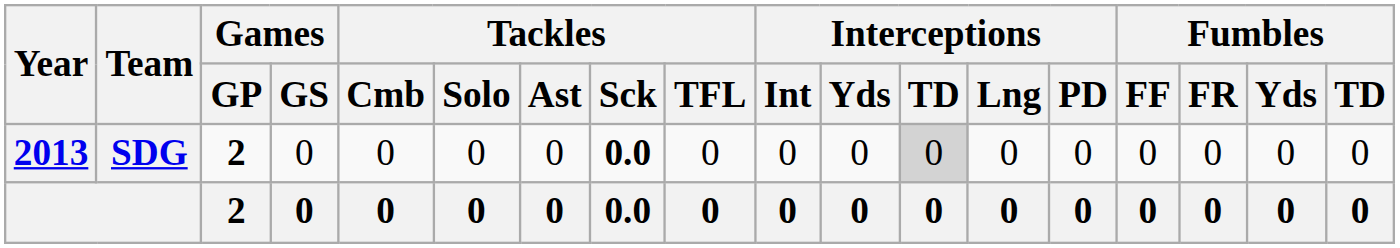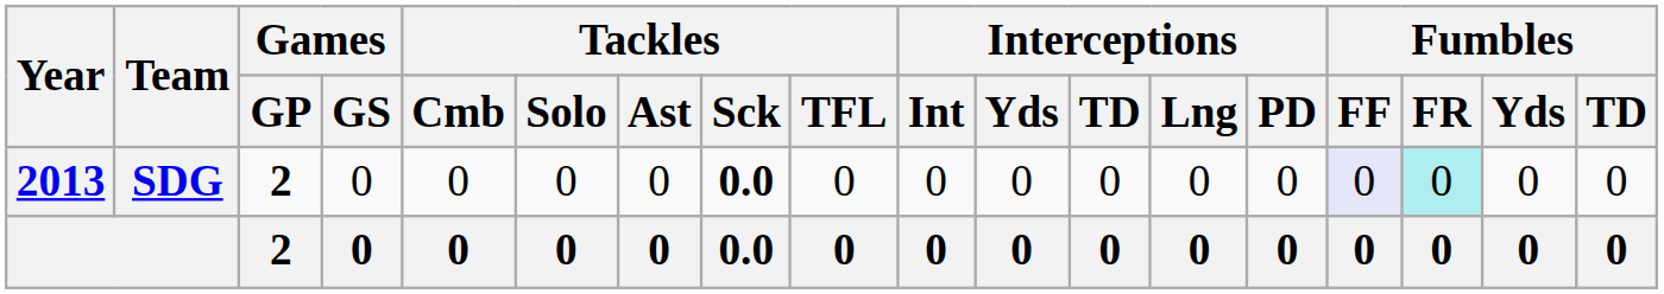 <table class="wikitable" style="text-align:center">
 <tr>
 <th rowspan="2">Year</th>
 <th rowspan="2">Team</th>
 <th colspan="2">Games</th>
 <th colspan="5">Tackles</th>
 <th colspan="5">Interceptions</th>
 <th colspan="4">Fumbles</th>
 </tr>
 <tr>
 <th>GP</th>
 <th>GS</th>
 <th>Cmb</th>
 <th>Solo</th>
 <th>Ast</th>
 <th>Sck</th>
 <th>TFL</th>
 <th>Int</th>
 <th>Yds</th>
 <th>TD</th>
 <th>Lng</th>
 <th>PD</th>
 <th>FF</th>
 <th>FR</th>
 <th>Yds</th>
 <th>TD</th>
 </tr>
 <tr>
 <th><a href='#'>2013</a></th>
 <th><a href='#'>SDG</a></th>
 <td><strong>2</strong></td>
 <td>0</td>
 <td>0</td>
 <td>0</td>
 <td>0</td>
 <td><strong>0.0</strong></td>
 <td>0</td>
 <td>0</td>
 <td>0</td>
-<td style="background: lightgrey;">0</td>
 <td>0</td>
 <td>0</td>
 <td>0</td>
-<td>0</td>
+<td style="background: lavender;">0</td>
+<td style="background: paleturquoise;">0</td>
 <td>0</td>
 <td>0</td>
 </tr>
 <tr>
 <th colspan="2"></th>
 <th>2</th>
 <th>0</th>
 <th>0</th>
 <th>0</th>
 <th>0</th>
 <th>0.0</th>
 <th>0</th>
 <th>0</th>
 <th>0</th>
 <th>0</th>
 <th>0</th>
 <th>0</th>
 <th>0</th>
 <th>0</th>
 <th>0</th>
 <th>0</th>
 </tr>
 </table>
